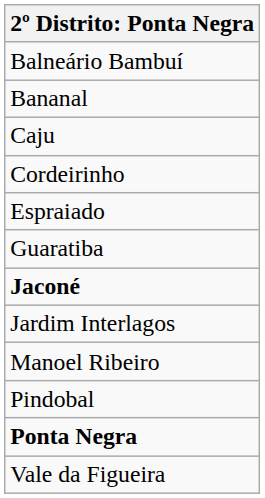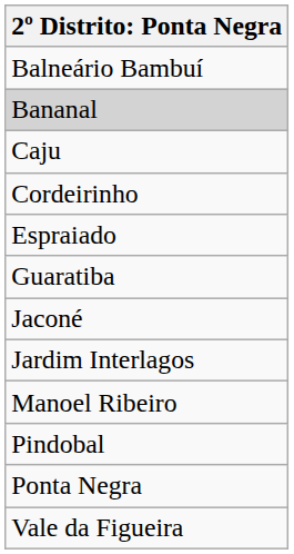 <table class="wikitable">
 <tr>
 <th><strong>2º Distrito: Ponta Negra</strong></th>
 </tr>
 <tr>
 <td>Balneário Bambuí</td>
 </tr>
 <tr>
-<td>Bananal</td>
+<td style="background: lightgrey;">Bananal</td>
 </tr>
 <tr>
 <td>Caju</td>
 </tr>
 <tr>
 <td>Cordeirinho</td>
 </tr>
 <tr>
 <td>Espraiado</td>
 </tr>
 <tr>
 <td>Guaratiba</td>
 </tr>
 <tr>
-<td><strong>Jaconé</strong></td>
+<td>Jaconé</td>
 </tr>
 <tr>
 <td>Jardim Interlagos</td>
 </tr>
 <tr>
 <td>Manoel Ribeiro</td>
 </tr>
 <tr>
 <td>Pindobal</td>
 </tr>
 <tr>
-<td><strong>Ponta Negra</strong></td>
+<td>Ponta Negra</td>
 </tr>
 <tr>
 <td>Vale da Figueira</td>
 </tr>
 </table>
